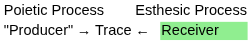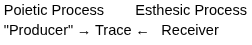 <table>
 <tr>
 <td colspan=3>Poietic Process</td>
 <td colspan=2>Esthesic Process</td>
 </tr>
 <tr>
 <td>"Producer"</td>
 <td>→</td>
 <td>Trace</td>
 <td>←</td>
-<td style="background: lightgreen;">Receiver</td>
+<td>Receiver</td>
 </tr>
 </table>
